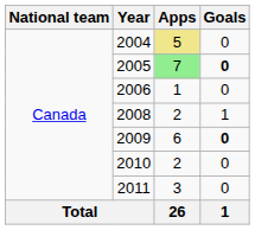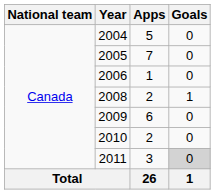 <table class=wikitable style="text-align: center;">
 <tr>
 <th>National team</th>
 <th>Year</th>
 <th>Apps</th>
 <th>Goals</th>
 </tr>
 <tr>
 <td rowspan="7"><a href='#'>Canada</a></td>
 <td>2004</td>
-<td style="background: khaki;">5</td>
+<td>5</td>
 <td>0</td>
 </tr>
 <tr>
 <td>2005</td>
-<td style="background: lightgreen;">7</td>
-<td><strong>0</strong></td>
+<td>7</td>
+<td>0</td>
 </tr>
 <tr>
 <td>2006</td>
 <td>1</td>
 <td>0</td>
 </tr>
 <tr>
 <td>2008</td>
 <td>2</td>
 <td>1</td>
 </tr>
 <tr>
 <td>2009</td>
 <td>6</td>
-<td><strong>0</strong></td>
+<td>0</td>
 </tr>
 <tr>
 <td>2010</td>
 <td>2</td>
 <td>0</td>
 </tr>
 <tr>
 <td>2011</td>
 <td>3</td>
-<td>0</td>
+<td style="background: lightgrey;">0</td>
 </tr>
 <tr>
 <th colspan="2">Total</th>
 <th>26</th>
 <th>1</th>
 </tr>
 </table>
